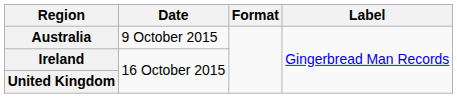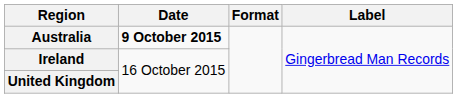 <table class="wikitable plainrowheaders">
 <tr>
 <th scope="col">Region</th>
 <th scope="col">Date</th>
 <th scope="col">Format</th>
 <th scope="col">Label</th>
 </tr>
 <tr>
 <th scope="row">Australia</th>
-<td rowspan="1">9 October 2015</td>
+<td rowspan="1"><strong>9 October 2015</strong></td>
 <td rowspan="3"></td>
 <td rowspan="3"><a href='#'>Gingerbread Man Records</a></td>
 </tr>
 <tr>
 <th scope="row">Ireland</th>
 <td rowspan="2">16 October 2015</td>
 </tr>
 <tr>
 <th scope="row">United Kingdom</th>
 </tr>
 </table>
